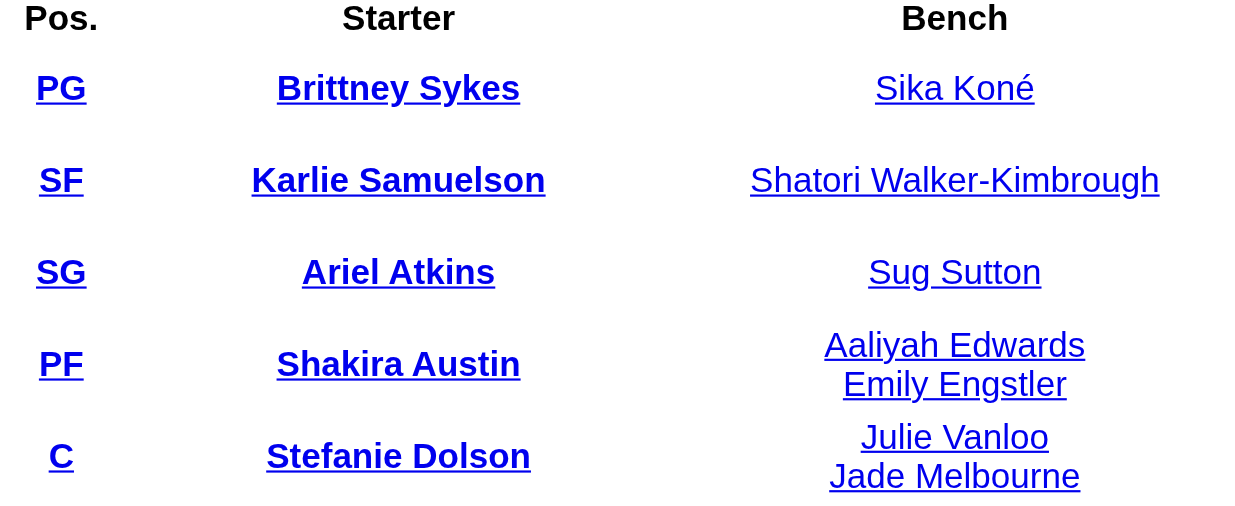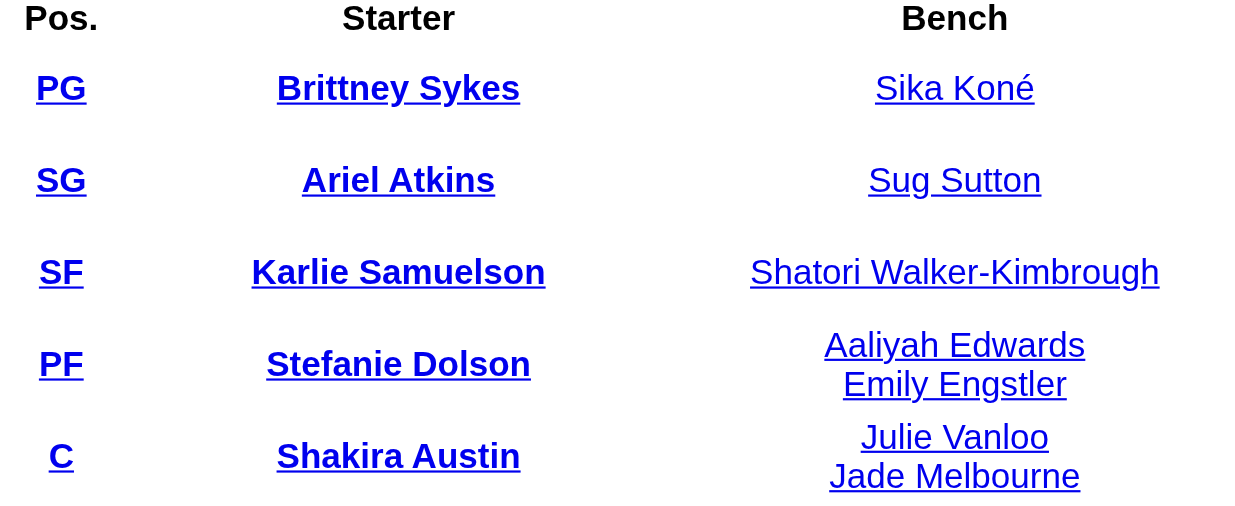 <table style="text-align:center; ">
 <tr>
 <th width="50">Pos.</th>
 <th width="250">Starter</th>
 <th width="250">Bench</th>
 </tr>
 <tr style="height:40px; background:white; color:#092C57">
 <th><a href='#'><span>PG</span></a></th>
 <td><strong><a href='#'>Brittney Sykes</a></strong></td>
 <td><a href='#'>Sika Koné</a></td>
 </tr>
 <tr style="height:40px; background:white; color:#092C57">
+<th><a href='#'><span>SG</span></a></th>
+<td><strong><a href='#'>Ariel Atkins</a></strong></td>
+<td><a href='#'>Sug Sutton</a></td>
+</tr>
+<tr style="height:40px; background:white; color:#092C57">
 <th><a href='#'><span>SF</span></a></th>
 <td><strong><a href='#'>Karlie Samuelson</a></strong></td>
 <td><a href='#'>Shatori Walker-Kimbrough</a></td>
 </tr>
 <tr style="height:40px; background:white; color:#092C57">
-<th><a href='#'><span>SG</span></a></th>
-<td><strong><a href='#'>Ariel Atkins</a></strong></td>
-<td><a href='#'>Sug Sutton</a></td>
-</tr>
-<tr style="height:40px; background:white; color:#092C57">
 <th><a href='#'><span>PF</span></a></th>
-<td><strong><a href='#'>Shakira Austin</a> </strong></td>
+<td><strong><a href='#'>Stefanie Dolson</a></strong></td>
 <td><a href='#'>Aaliyah Edwards</a> <br><a href='#'>Emily Engstler</a></td>
 </tr>
 <tr style="height:40px; background:white; color:#092C57">
 <th><a href='#'><span>C</span></a></th>
-<td><strong><a href='#'>Stefanie Dolson</a></strong></td>
+<td><strong><a href='#'>Shakira Austin</a> </strong></td>
 <td><a href='#'>Julie Vanloo</a><br><a href='#'>Jade Melbourne</a></td>
 </tr>
 </table>
